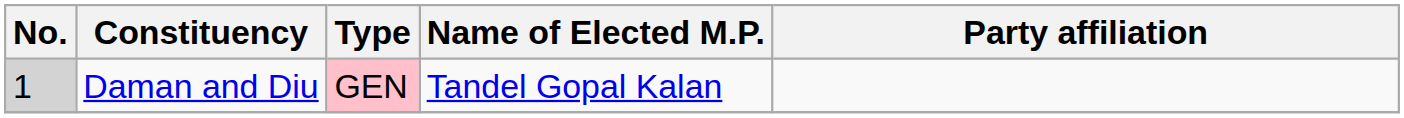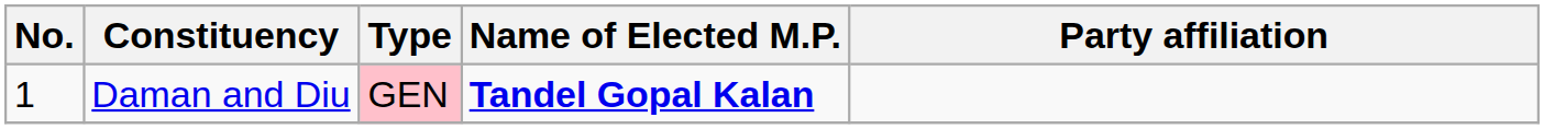 <table class="wikitable" style="font-size:95%;">
 <tr>
 <th>No.</th>
 <th>Constituency</th>
 <th>Type</th>
 <th>Name of Elected M.P.</th>
 <th colspan="2" style="width:18em">Party affiliation</th>
 </tr>
 <tr>
-<td style="background: lightgrey;">1</td>
+<td>1</td>
 <td><a href='#'>Daman and Diu</a></td>
 <td style="background: pink;">GEN</td>
-<td><a href='#'>Tandel Gopal Kalan</a></td>
+<td><strong><a href='#'>Tandel Gopal Kalan</a></strong></td>
 <td></td>
 </tr>
 <tr>
 </tr>
 </table>
